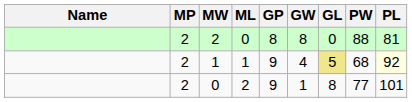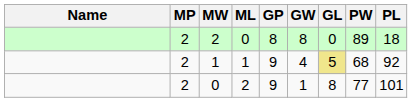 <table class=wikitable style="text-align:center">
 <tr>
 <th width=175>Name</th>
 <th width=20>MP</th>
 <th width=20>MW</th>
 <th width=20>ML</th>
 <th width=20>GP</th>
 <th width=20>GW</th>
 <th width=20>GL</th>
 <th width=20>PW</th>
 <th width=20>PL</th>
 </tr>
 <tr style="background-color:#ccffcc;">
 <td style="text-align:left;"><strong></strong></td>
 <td>2</td>
 <td>2</td>
 <td>0</td>
 <td>8</td>
 <td>8</td>
 <td>0</td>
-<td>88</td>
-<td>81</td>
+<td>89</td>
+<td>18</td>
 </tr>
 <tr>
 <td style="text-align:left;"></td>
 <td>2</td>
 <td>1</td>
 <td>1</td>
 <td>9</td>
 <td>4</td>
 <td style="background: khaki;">5</td>
 <td>68</td>
-<td style="background: lightyellow;">92</td>
+<td>92</td>
 </tr>
 <tr>
 <td style="text-align:left;"></td>
 <td>2</td>
 <td>0</td>
 <td>2</td>
 <td>9</td>
 <td>1</td>
 <td>8</td>
 <td>77</td>
 <td>101</td>
 </tr>
 </table>
